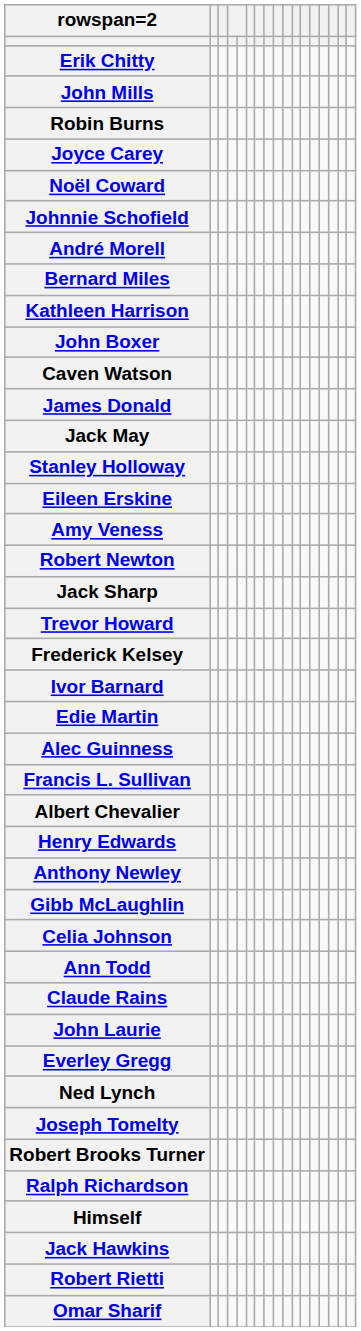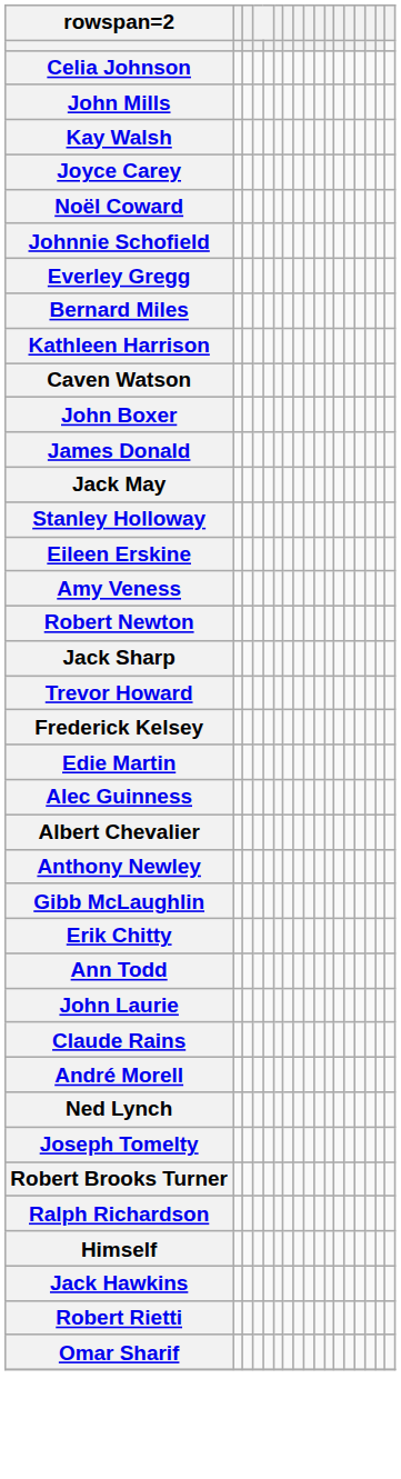 <table class="wikitable plainrowheaders" style="text-align:center;font-size:75%">
 <tr>
 <th>rowspan=2 </th>
 <th></th>
 <th></th>
 <th colspan="2"></th>
 <th></th>
 <th></th>
 <th></th>
 <th></th>
 <th></th>
 <th></th>
 <th></th>
 <th></th>
 <th></th>
 <th></th>
 <th></th>
 <th></th>
 </tr>
 <tr>
 <th></th>
 <th></th>
 <th></th>
 <th></th>
 <th></th>
 <th></th>
 <th></th>
 <th></th>
 <th></th>
 <th></th>
 <th></th>
 <th></th>
 <th></th>
 <th></th>
 <th></th>
 <th></th>
 </tr>
 <tr>
-<th><a href='#'>Erik Chitty</a></th>
+<th><a href='#'>Celia Johnson</a></th>
 <td></td>
 <td></td>
 <td></td>
 <td></td>
 <td></td>
 <td></td>
 <td></td>
 <td></td>
 <td></td>
 <td></td>
 <td></td>
 <td></td>
 <td></td>
 <td></td>
 <td></td>
 <td></td>
 </tr>
 <tr>
 <th><a href='#'>John Mills</a></th>
 <td></td>
 <td></td>
 <td></td>
 <td></td>
 <td></td>
 <td></td>
 <td></td>
 <td></td>
 <td></td>
 <td></td>
 <td></td>
 <td></td>
 <td></td>
 <td></td>
 <td></td>
 <td></td>
 </tr>
 <tr>
-<th>Robin Burns</th>
+<th><a href='#'>Kay Walsh</a></th>
 <td></td>
 <td></td>
 <td></td>
 <td></td>
 <td></td>
 <td></td>
 <td></td>
 <td></td>
 <td></td>
 <td></td>
 <td></td>
 <td></td>
 <td></td>
 <td></td>
 <td></td>
 <td></td>
 </tr>
 <tr>
 <th><a href='#'>Joyce Carey</a></th>
 <td></td>
 <td></td>
 <td></td>
 <td></td>
 <td></td>
 <td></td>
 <td></td>
 <td></td>
 <td></td>
 <td></td>
 <td></td>
 <td></td>
 <td></td>
 <td></td>
 <td></td>
 <td></td>
 </tr>
 <tr>
 <th><a href='#'>Noël Coward</a></th>
 <td></td>
 <td></td>
 <td></td>
 <td></td>
 <td></td>
 <td></td>
 <td></td>
 <td></td>
 <td></td>
 <td></td>
 <td></td>
 <td></td>
 <td></td>
 <td></td>
 <td></td>
 <td></td>
 </tr>
 <tr>
 <th><a href='#'>Johnnie Schofield</a></th>
 <td></td>
 <td></td>
 <td></td>
 <td></td>
 <td></td>
 <td></td>
 <td></td>
 <td></td>
 <td></td>
 <td></td>
 <td></td>
 <td></td>
 <td></td>
 <td></td>
 <td></td>
 <td></td>
 </tr>
 <tr>
-<th><a href='#'>André Morell</a></th>
+<th><a href='#'>Everley Gregg</a></th>
 <td></td>
 <td></td>
 <td></td>
 <td></td>
 <td></td>
 <td></td>
 <td></td>
 <td></td>
 <td></td>
 <td></td>
 <td></td>
 <td></td>
 <td></td>
 <td></td>
 <td></td>
 <td></td>
 </tr>
 <tr>
 <th><a href='#'>Bernard Miles</a></th>
 <td></td>
 <td></td>
 <td></td>
 <td></td>
 <td></td>
 <td></td>
 <td></td>
 <td></td>
 <td></td>
 <td></td>
 <td></td>
 <td></td>
 <td></td>
 <td></td>
 <td></td>
 <td></td>
 </tr>
 <tr>
 <th><a href='#'>Kathleen Harrison</a></th>
 <td></td>
 <td></td>
 <td></td>
 <td></td>
 <td></td>
 <td></td>
 <td></td>
 <td></td>
 <td></td>
 <td></td>
 <td></td>
 <td></td>
 <td></td>
 <td></td>
 <td></td>
 <td></td>
 </tr>
 <tr>
-<th><a href='#'>John Boxer</a></th>
+<th>Caven Watson</th>
 <td></td>
 <td></td>
 <td></td>
 <td></td>
 <td></td>
 <td></td>
 <td></td>
 <td></td>
 <td></td>
 <td></td>
 <td></td>
 <td></td>
 <td></td>
 <td></td>
 <td></td>
 <td></td>
 </tr>
 <tr>
-<th>Caven Watson</th>
+<th><a href='#'>John Boxer</a></th>
 <td></td>
 <td></td>
 <td></td>
 <td></td>
 <td></td>
 <td></td>
 <td></td>
 <td></td>
 <td></td>
 <td></td>
 <td></td>
 <td></td>
 <td></td>
 <td></td>
 <td></td>
 <td></td>
 </tr>
 <tr>
 <th><a href='#'>James Donald</a></th>
 <td></td>
 <td></td>
 <td></td>
 <td></td>
 <td></td>
 <td></td>
 <td></td>
 <td></td>
 <td></td>
 <td></td>
 <td></td>
 <td></td>
 <td></td>
 <td></td>
 <td></td>
 <td></td>
 </tr>
 <tr>
 <th>Jack May</th>
 <td></td>
 <td></td>
 <td></td>
 <td></td>
 <td></td>
 <td></td>
 <td></td>
 <td></td>
 <td></td>
 <td></td>
 <td></td>
 <td></td>
 <td></td>
 <td></td>
 <td></td>
 <td></td>
 </tr>
 <tr>
 <th><a href='#'>Stanley Holloway</a></th>
 <td></td>
 <td></td>
 <td></td>
 <td></td>
 <td></td>
 <td></td>
 <td></td>
 <td></td>
 <td></td>
 <td></td>
 <td></td>
 <td></td>
 <td></td>
 <td></td>
 <td></td>
 <td></td>
 </tr>
 <tr>
 <th><a href='#'>Eileen Erskine</a></th>
 <td></td>
 <td></td>
 <td></td>
 <td></td>
 <td></td>
 <td></td>
 <td></td>
 <td></td>
 <td></td>
 <td></td>
 <td></td>
 <td></td>
 <td></td>
 <td></td>
 <td></td>
 <td></td>
 </tr>
 <tr>
 <th><a href='#'>Amy Veness</a></th>
 <td></td>
 <td></td>
 <td></td>
 <td></td>
 <td></td>
 <td></td>
 <td></td>
 <td></td>
 <td></td>
 <td></td>
 <td></td>
 <td></td>
 <td></td>
 <td></td>
 <td></td>
 <td></td>
 </tr>
 <tr>
 <th><a href='#'>Robert Newton</a></th>
 <td></td>
 <td></td>
 <td></td>
 <td></td>
 <td></td>
 <td></td>
 <td></td>
 <td></td>
 <td></td>
 <td></td>
 <td></td>
 <td></td>
 <td></td>
 <td></td>
 <td></td>
 <td></td>
 </tr>
 <tr>
 <th>Jack Sharp</th>
 <td></td>
 <td></td>
 <td></td>
 <td></td>
 <td></td>
 <td></td>
 <td></td>
 <td></td>
 <td></td>
 <td></td>
 <td></td>
 <td></td>
 <td></td>
 <td></td>
 <td></td>
 <td></td>
 </tr>
 <tr>
 <th><a href='#'>Trevor Howard</a></th>
 <td></td>
 <td></td>
 <td></td>
 <td></td>
 <td></td>
 <td></td>
 <td></td>
 <td></td>
 <td></td>
 <td></td>
 <td></td>
 <td></td>
 <td></td>
 <td></td>
 <td></td>
 <td></td>
 </tr>
 <tr>
 <th>Frederick Kelsey</th>
 <td></td>
 <td></td>
 <td></td>
 <td></td>
 <td></td>
 <td></td>
 <td></td>
 <td></td>
 <td></td>
 <td></td>
 <td></td>
 <td></td>
 <td></td>
 <td></td>
 <td></td>
 <td></td>
 </tr>
 <tr>
-<th><a href='#'>Ivor Barnard</a></th>
-<td></td>
-<td></td>
-<td></td>
-<td></td>
-<td></td>
-<td></td>
-<td></td>
-<td></td>
-<td></td>
-<td></td>
-<td></td>
-<td></td>
-<td></td>
-<td></td>
-<td></td>
-<td></td>
-</tr>
-<tr>
 <th><a href='#'>Edie Martin</a></th>
 <td></td>
 <td></td>
 <td></td>
 <td></td>
 <td></td>
 <td></td>
 <td></td>
 <td></td>
 <td></td>
 <td></td>
 <td></td>
 <td></td>
 <td></td>
 <td></td>
 <td></td>
 <td></td>
 </tr>
 <tr>
 <th><a href='#'>Alec Guinness</a></th>
 <td></td>
 <td></td>
 <td></td>
 <td></td>
 <td></td>
 <td></td>
 <td></td>
 <td></td>
 <td></td>
 <td></td>
 <td></td>
 <td></td>
 <td></td>
 <td></td>
 <td></td>
 <td></td>
 </tr>
 <tr>
-<th><a href='#'>Francis L. Sullivan</a></th>
-<td></td>
-<td></td>
-<td></td>
-<td></td>
-<td></td>
-<td></td>
-<td></td>
-<td></td>
-<td></td>
-<td></td>
-<td></td>
-<td></td>
-<td></td>
-<td></td>
-<td></td>
-<td></td>
-</tr>
-<tr>
 <th>Albert Chevalier</th>
-<td></td>
-<td></td>
-<td></td>
-<td></td>
-<td></td>
-<td></td>
-<td></td>
-<td></td>
-<td></td>
-<td></td>
-<td></td>
-<td></td>
-<td></td>
-<td></td>
-<td></td>
-<td></td>
-</tr>
-<tr>
-<th><a href='#'>Henry Edwards</a></th>
 <td></td>
 <td></td>
 <td></td>
 <td></td>
 <td></td>
 <td></td>
 <td></td>
 <td></td>
 <td></td>
 <td></td>
 <td></td>
 <td></td>
 <td></td>
 <td></td>
 <td></td>
 <td></td>
 </tr>
 <tr>
 <th><a href='#'>Anthony Newley</a></th>
 <td></td>
 <td></td>
 <td></td>
 <td></td>
 <td></td>
 <td></td>
 <td></td>
 <td></td>
 <td></td>
 <td></td>
 <td></td>
 <td></td>
 <td></td>
 <td></td>
 <td></td>
 <td></td>
 </tr>
 <tr>
 <th><a href='#'>Gibb McLaughlin</a></th>
 <td></td>
 <td></td>
 <td></td>
 <td></td>
 <td></td>
 <td></td>
 <td></td>
 <td></td>
 <td></td>
 <td></td>
 <td></td>
 <td></td>
 <td></td>
 <td></td>
 <td></td>
 <td></td>
 </tr>
 <tr>
-<th><a href='#'>Celia Johnson</a></th>
+<th><a href='#'>Erik Chitty</a></th>
 <td></td>
 <td></td>
 <td></td>
 <td></td>
 <td></td>
 <td></td>
 <td></td>
 <td></td>
 <td></td>
 <td></td>
 <td></td>
 <td></td>
 <td></td>
 <td></td>
 <td></td>
 <td></td>
 </tr>
 <tr>
 <th><a href='#'>Ann Todd</a></th>
 <td></td>
 <td></td>
 <td></td>
 <td></td>
 <td></td>
 <td></td>
 <td></td>
 <td></td>
 <td></td>
 <td></td>
 <td></td>
 <td></td>
 <td></td>
 <td></td>
 <td></td>
 <td></td>
 </tr>
 <tr>
+<th><a href='#'>John Laurie</a></th>
+<td></td>
+<td></td>
+<td></td>
+<td></td>
+<td></td>
+<td></td>
+<td></td>
+<td></td>
+<td></td>
+<td></td>
+<td></td>
+<td></td>
+<td></td>
+<td></td>
+<td></td>
+<td></td>
+</tr>
+<tr>
 <th><a href='#'>Claude Rains</a></th>
 <td></td>
 <td></td>
 <td></td>
 <td></td>
 <td></td>
 <td></td>
 <td></td>
 <td></td>
 <td></td>
 <td></td>
 <td></td>
 <td></td>
 <td></td>
 <td></td>
 <td></td>
 <td></td>
 </tr>
 <tr>
-<th><a href='#'>John Laurie</a></th>
-<td></td>
-<td></td>
-<td></td>
-<td></td>
-<td></td>
-<td></td>
-<td></td>
-<td></td>
-<td></td>
-<td></td>
-<td></td>
-<td></td>
-<td></td>
-<td></td>
-<td></td>
-<td></td>
-</tr>
-<tr>
-<th><a href='#'>Everley Gregg</a></th>
+<th><a href='#'>André Morell</a></th>
 <td></td>
 <td></td>
 <td></td>
 <td></td>
 <td></td>
 <td></td>
 <td></td>
 <td></td>
 <td></td>
 <td></td>
 <td></td>
 <td></td>
 <td></td>
 <td></td>
 <td></td>
 <td></td>
 </tr>
 <tr>
 <th>Ned Lynch</th>
 <td></td>
 <td></td>
 <td></td>
 <td></td>
 <td></td>
 <td></td>
 <td></td>
 <td></td>
 <td></td>
 <td></td>
 <td></td>
 <td></td>
 <td></td>
 <td></td>
 <td></td>
 <td></td>
 </tr>
 <tr>
 <th><a href='#'>Joseph Tomelty</a></th>
 <td></td>
 <td></td>
 <td></td>
 <td></td>
 <td></td>
 <td></td>
 <td></td>
 <td></td>
 <td></td>
 <td></td>
 <td></td>
 <td></td>
 <td></td>
 <td></td>
 <td></td>
 <td></td>
 </tr>
 <tr>
 <th>Robert Brooks Turner</th>
 <td></td>
 <td></td>
 <td></td>
 <td></td>
 <td></td>
 <td></td>
 <td></td>
 <td></td>
 <td></td>
 <td></td>
 <td></td>
 <td></td>
 <td></td>
 <td></td>
 <td></td>
 <td></td>
 </tr>
 <tr>
 <th><a href='#'>Ralph Richardson</a></th>
 <td></td>
 <td></td>
 <td></td>
 <td></td>
 <td></td>
 <td></td>
 <td></td>
 <td></td>
 <td></td>
 <td></td>
 <td></td>
 <td></td>
 <td></td>
 <td></td>
 <td></td>
 <td></td>
 </tr>
 <tr>
 <th>Himself</th>
 <td></td>
 <td></td>
 <td></td>
 <td></td>
 <td></td>
 <td></td>
 <td></td>
 <td></td>
 <td></td>
 <td></td>
 <td></td>
 <td></td>
 <td></td>
 <td></td>
 <td></td>
 <td></td>
 </tr>
 <tr>
 <th><a href='#'>Jack Hawkins</a></th>
 <td></td>
 <td></td>
 <td></td>
 <td></td>
 <td></td>
 <td></td>
 <td></td>
 <td></td>
 <td></td>
 <td></td>
 <td></td>
 <td></td>
 <td></td>
 <td></td>
 <td></td>
 <td></td>
 </tr>
 <tr>
 <th><a href='#'>Robert Rietti</a></th>
 <td></td>
 <td></td>
 <td></td>
 <td></td>
 <td></td>
 <td></td>
 <td></td>
 <td></td>
 <td></td>
 <td></td>
 <td></td>
 <td></td>
 <td></td>
 <td></td>
 <td></td>
 <td></td>
 </tr>
 <tr>
 <th><a href='#'>Omar Sharif</a></th>
 <td></td>
 <td></td>
 <td></td>
 <td></td>
 <td></td>
 <td></td>
 <td></td>
 <td></td>
 <td></td>
 <td></td>
 <td></td>
 <td></td>
 <td></td>
 <td></td>
 <td></td>
 <td></td>
 </tr>
 <tr>
 </tr>
 </table>
